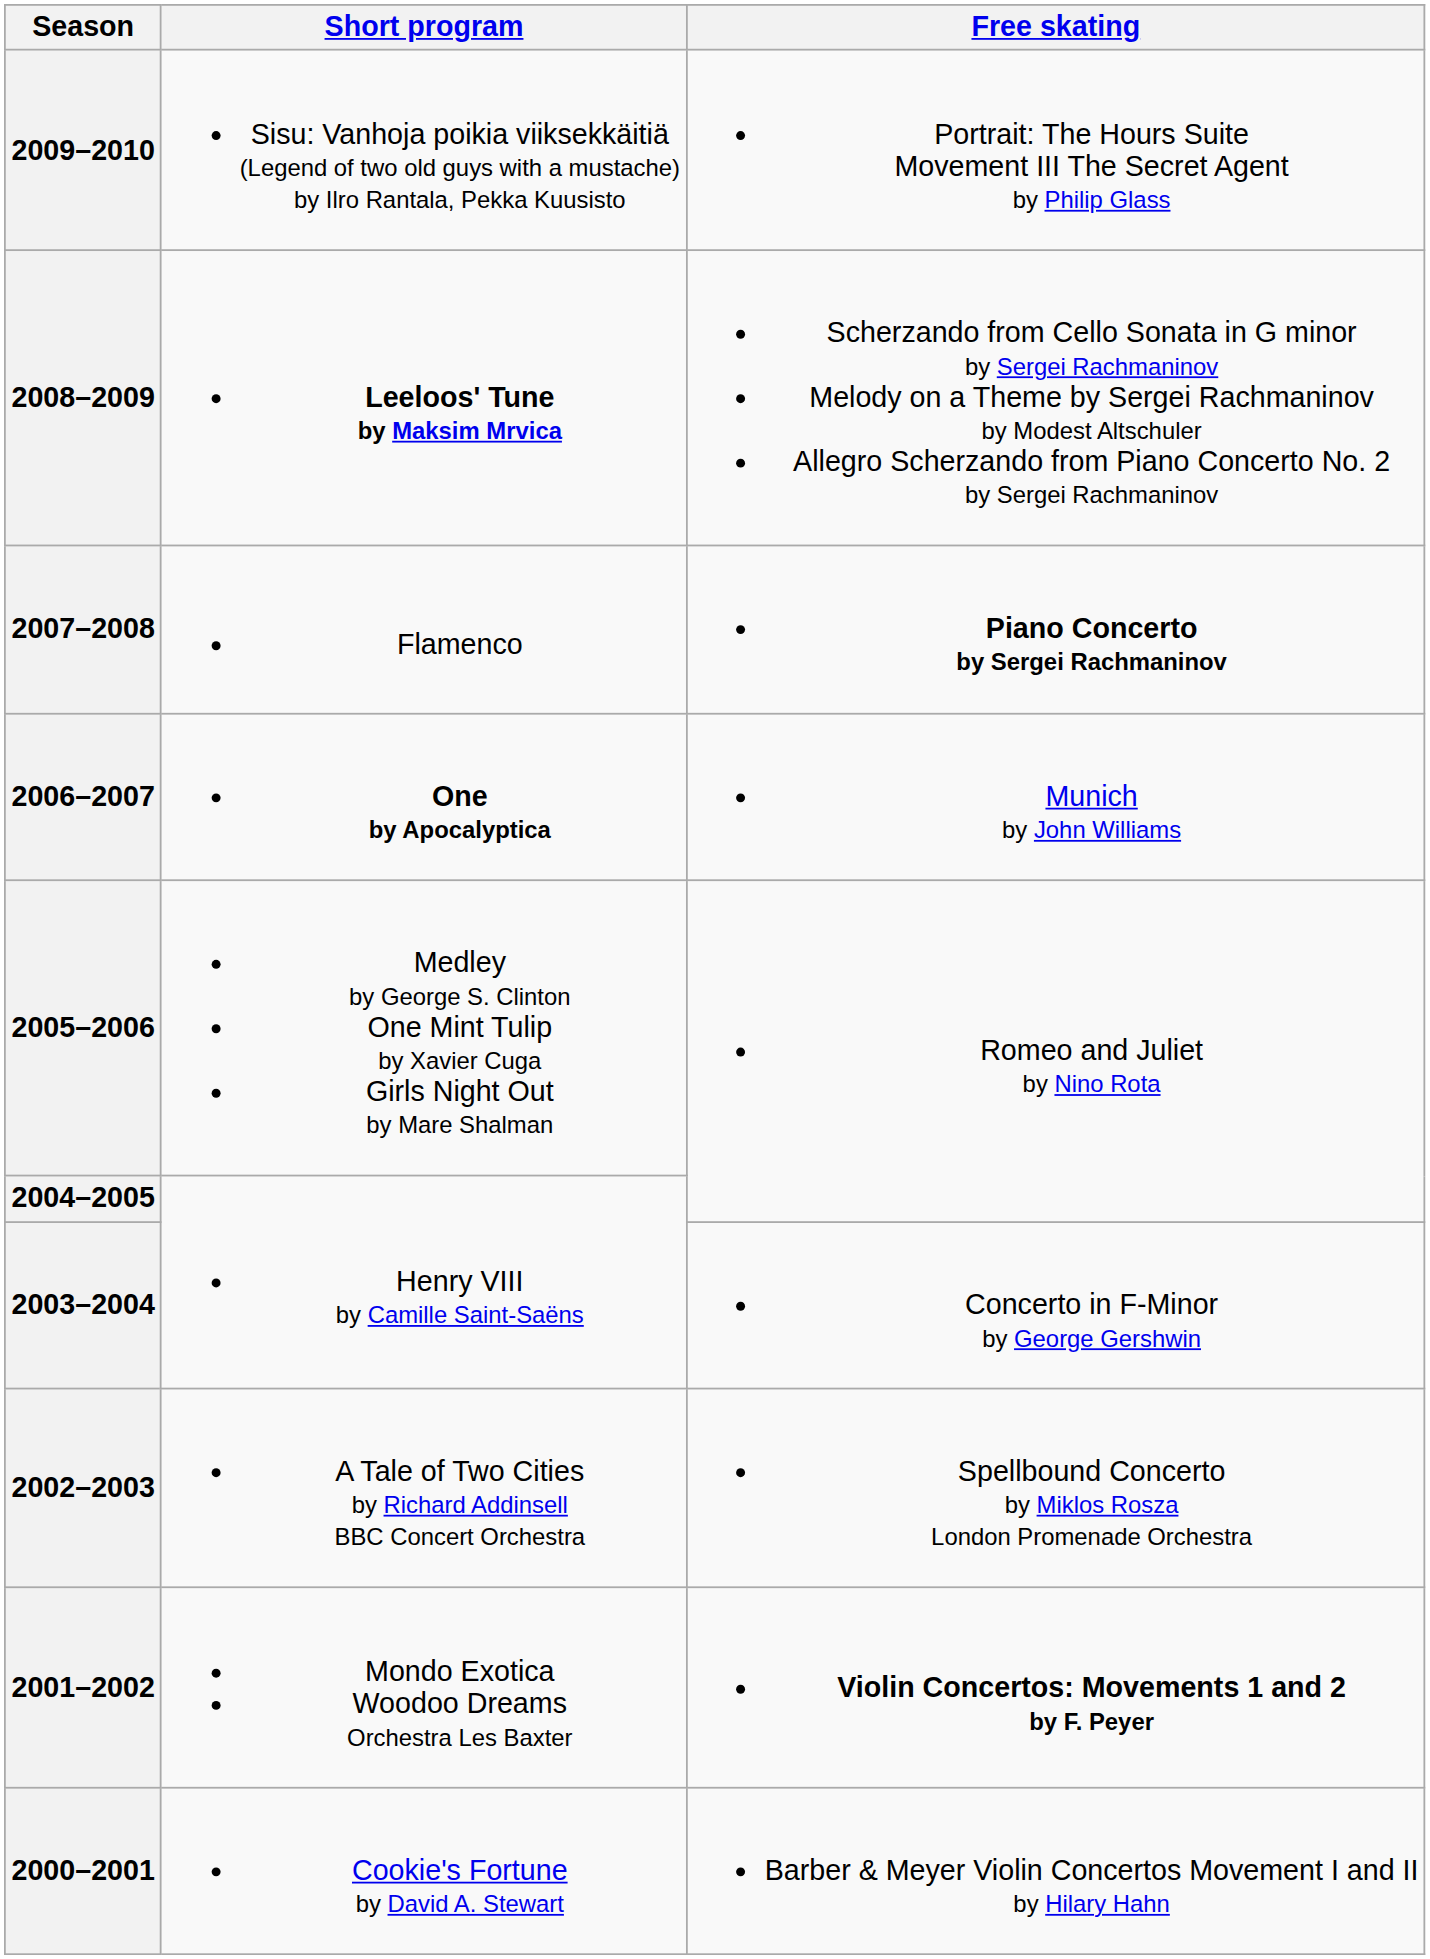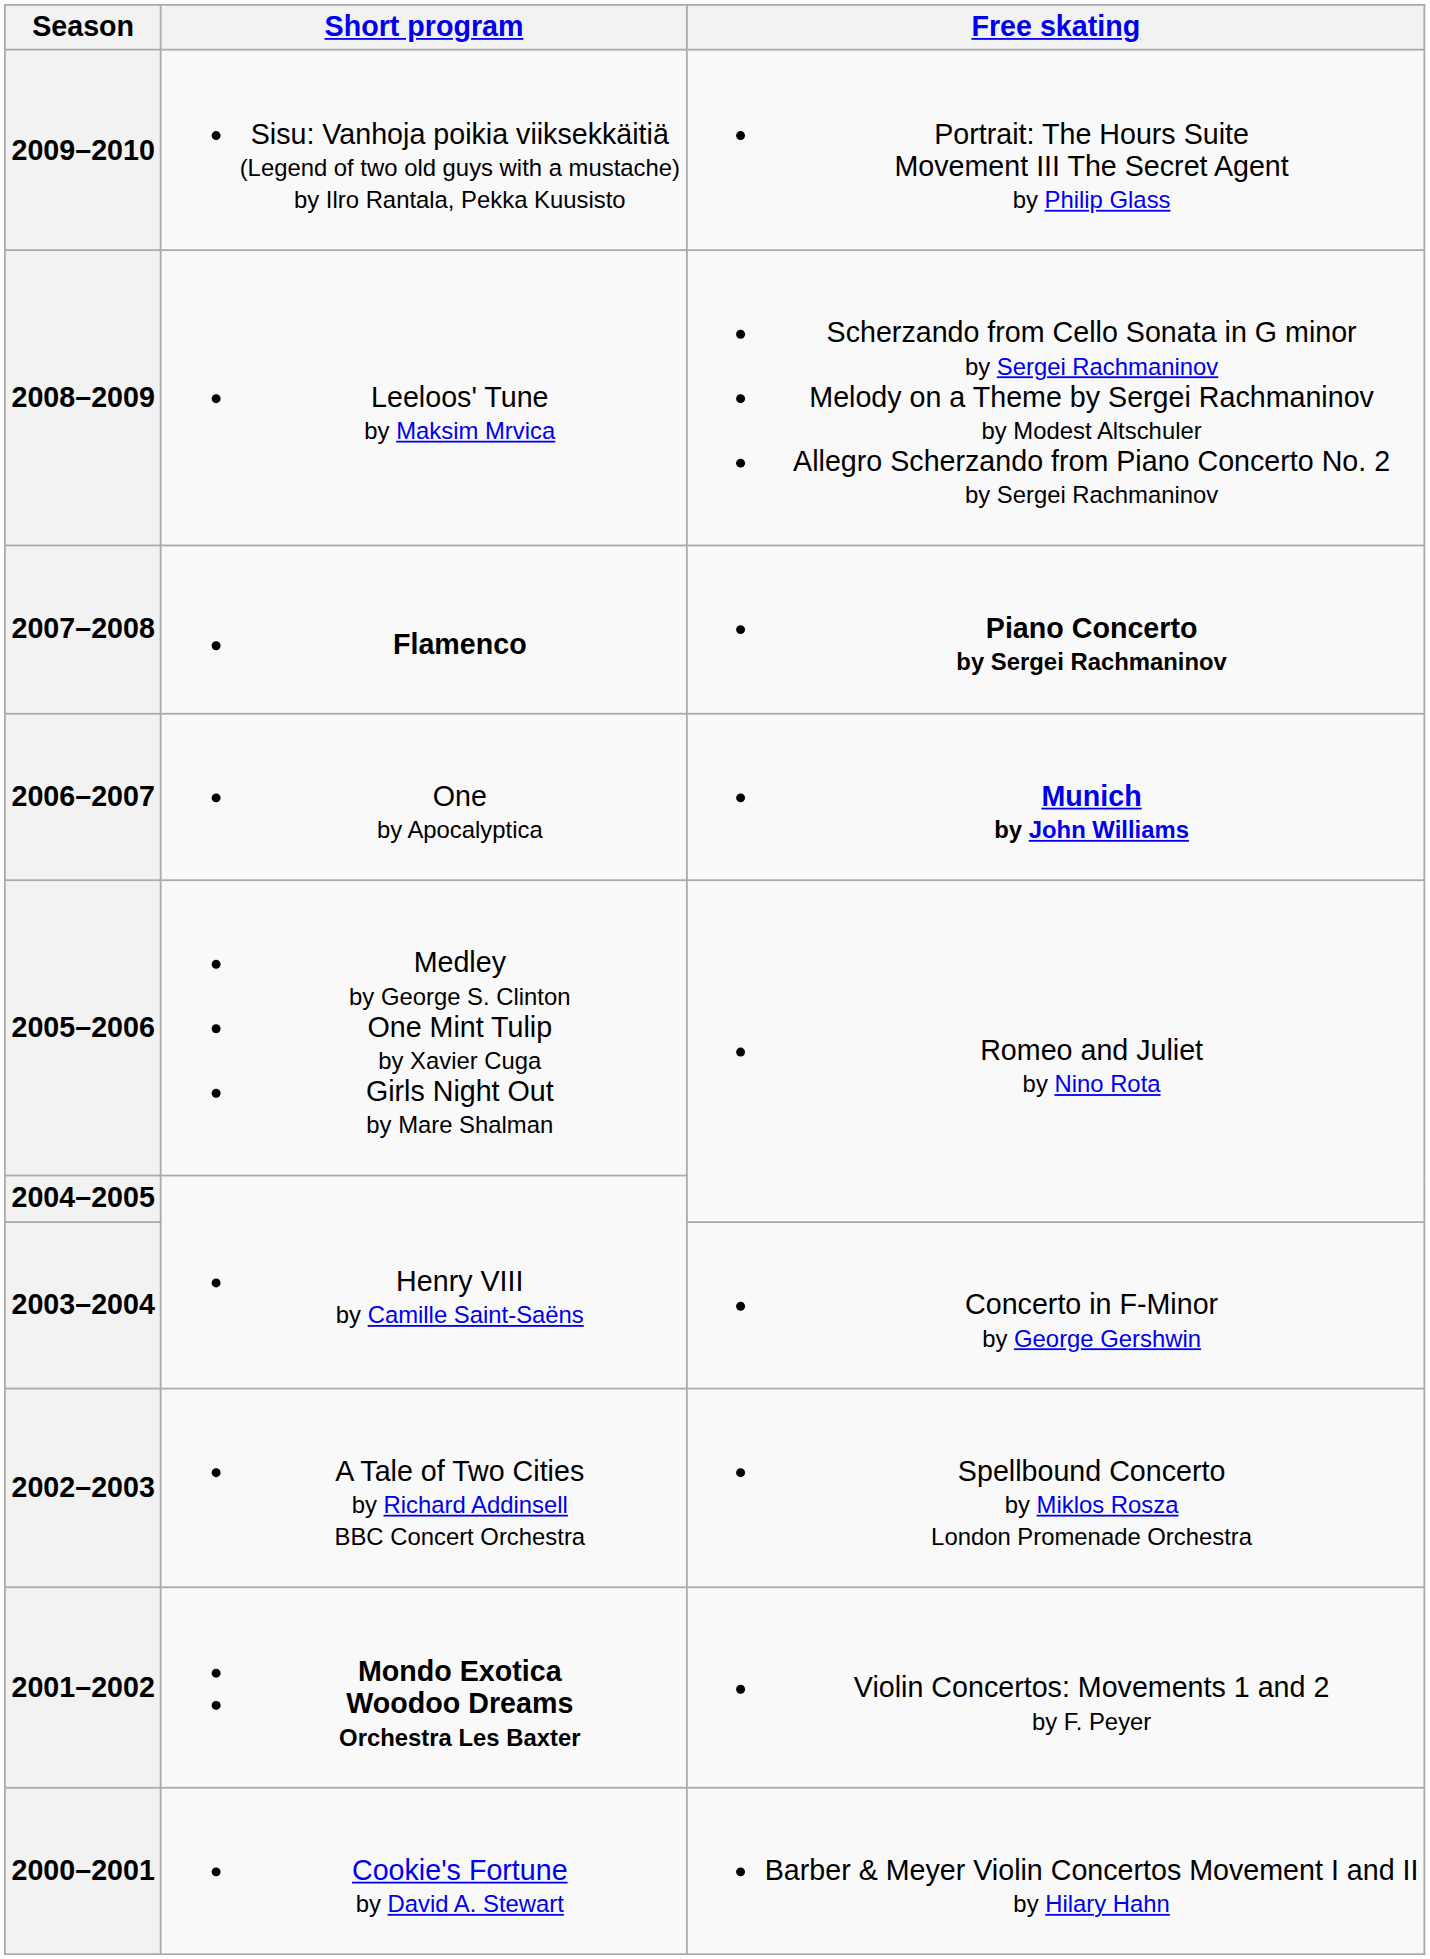 <table class=wikitable style=text-align:center>
 <tr>
 <th>Season</th>
 <th><a href='#'>Short program</a></th>
 <th><a href='#'>Free skating</a></th>
 </tr>
 <tr>
 <th>2009–2010 <br></th>
 <td><br><ul><li>Sisu: Vanhoja poikia viiksekkäitiä <br><small> (Legend of two old guys with a mustache) <br> by Ilro Rantala, Pekka Kuusisto </small></li></ul></td>
 <td><br><ul><li>Portrait: The Hours Suite <br> Movement III The Secret Agent <br><small> by <a href='#'>Philip Glass</a> </small></li></ul></td>
 </tr>
 <tr>
 <th>2008–2009 <br></th>
-<td><strong><br><ul><li>Leeloos' Tune  <br><small> by <a href='#'>Maksim Mrvica</a> </small></li></ul></strong></td>
+<td><br><ul><li>Leeloos' Tune  <br><small> by <a href='#'>Maksim Mrvica</a> </small></li></ul></td>
 <td><br><ul><li>Scherzando from Cello Sonata in G minor <br><small> by <a href='#'>Sergei Rachmaninov</a> </small></li><li>Melody on a Theme by Sergei Rachmaninov <br><small> by Modest Altschuler </small></li><li>Allegro Scherzando from Piano Concerto No. 2 <br><small> by Sergei Rachmaninov </small></li></ul></td>
 </tr>
 <tr>
 <th>2007–2008 <br></th>
-<td><br><ul><li>Flamenco</li></ul></td>
+<td><strong><br><ul><li>Flamenco</li></ul></strong></td>
 <td><strong><br><ul><li>Piano Concerto <br><small> by Sergei Rachmaninov </small></li></ul></strong></td>
 </tr>
 <tr>
 <th>2006–2007 <br></th>
-<td><strong><br><ul><li>One <br><small> by Apocalyptica </small></li></ul></strong></td>
-<td><br><ul><li><a href='#'>Munich</a> <br><small> by <a href='#'>John Williams</a> </small></li></ul></td>
+<td><br><ul><li>One <br><small> by Apocalyptica </small></li></ul></td>
+<td><strong><br><ul><li><a href='#'>Munich</a> <br><small> by <a href='#'>John Williams</a> </small></li></ul></strong></td>
 </tr>
 <tr>
 <th>2005–2006 <br></th>
 <td><br><ul><li>Medley <br><small> by George S. Clinton </small></li><li>One Mint Tulip <br><small> by Xavier Cuga </small></li><li>Girls Night Out <br><small> by Mare Shalman </small></li></ul></td>
 <td rowspan=2><br><ul><li>Romeo and Juliet <br><small> by <a href='#'>Nino Rota</a> </small></li></ul></td>
 </tr>
 <tr>
 <th>2004–2005 <br></th>
 <td rowspan=2><br><ul><li>Henry VIII <br><small> by <a href='#'>Camille Saint-Saëns</a> </small></li></ul></td>
 </tr>
 <tr>
 <th>2003–2004 <br></th>
 <td><br><ul><li>Concerto in F-Minor <br><small> by <a href='#'>George Gershwin</a> </small></li></ul></td>
 </tr>
 <tr>
 <th>2002–2003 <br></th>
 <td><br><ul><li>A Tale of Two Cities <br><small> by <a href='#'>Richard Addinsell</a> <br> BBC Concert Orchestra </small></li></ul></td>
 <td><br><ul><li>Spellbound Concerto <br><small> by <a href='#'>Miklos Rosza</a> <br> London Promenade Orchestra </small></li></ul></td>
 </tr>
 <tr>
 <th>2001–2002 <br></th>
-<td><br><ul><li>Mondo Exotica</li><li>Woodoo Dreams <br><small> Orchestra Les Baxter </small></li></ul></td>
-<td><strong><br><ul><li>Violin Concertos: Movements 1 and 2 <br><small> by F. Peyer </small></li></ul></strong></td>
+<td><strong><br><ul><li>Mondo Exotica</li><li>Woodoo Dreams <br><small> Orchestra Les Baxter </small></li></ul></strong></td>
+<td><br><ul><li>Violin Concertos: Movements 1 and 2 <br><small> by F. Peyer </small></li></ul></td>
 </tr>
 <tr>
 <th>2000–2001 <br></th>
 <td><br><ul><li><a href='#'>Cookie's Fortune</a> <br><small> by <a href='#'>David A. Stewart</a> </small></li></ul></td>
 <td><br><ul><li>Barber & Meyer Violin Concertos Movement I and II <br><small> by <a href='#'>Hilary Hahn</a> </small></li></ul></td>
 </tr>
 </table>
